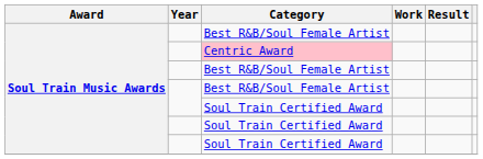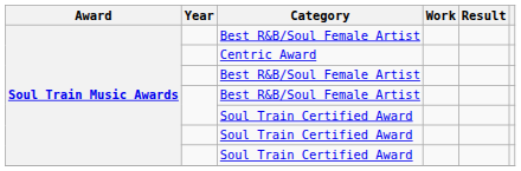 <table class="wikitable sortable plainrowheaders">
 <tr>
 <th scope="col">Award</th>
 <th scope="col">Year</th>
 <th scope="col">Category</th>
 <th scope="col">Work</th>
 <th scope="col">Result</th>
 <th scope="col" class="unsortable"></th>
 </tr>
 <tr>
 <th scope="row" rowspan="7"><a href='#'>Soul Train Music Awards</a></th>
 <td></td>
 <td><a href='#'>Best R&B/Soul Female Artist</a></td>
 <td></td>
 <td></td>
 <td></td>
 </tr>
 <tr>
 <td></td>
-<td style="background: pink;"><a href='#'>Centric Award</a></td>
+<td><a href='#'>Centric Award</a></td>
 <td></td>
 <td></td>
 <td></td>
 </tr>
 <tr>
 <td></td>
 <td><a href='#'>Best R&B/Soul Female Artist</a></td>
 <td></td>
 <td></td>
 <td></td>
 </tr>
 <tr>
 <td rowspan="2"></td>
 <td><a href='#'>Best R&B/Soul Female Artist</a></td>
 <td></td>
 <td></td>
 <td></td>
 </tr>
 <tr>
 <td><a href='#'>Soul Train Certified Award</a></td>
 <td></td>
 <td></td>
 <td></td>
 </tr>
 <tr>
 <td></td>
 <td><a href='#'>Soul Train Certified Award</a></td>
 <td></td>
 <td></td>
 <td></td>
 </tr>
 <tr>
 <td></td>
 <td><a href='#'>Soul Train Certified Award</a></td>
 <td></td>
 <td></td>
 <td></td>
 </tr>
 <tr>
 </tr>
 </table>
